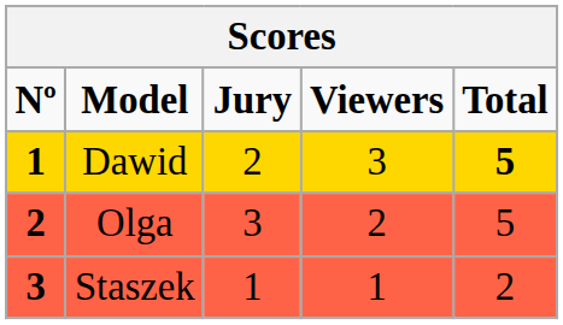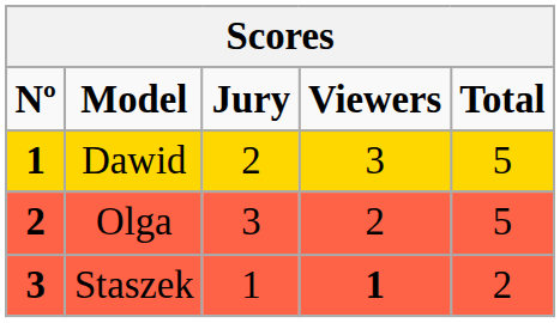 <table class="wikitable collapsible autocollapse" style="text-align:center;">
 <tr>
 <th colspan="6">Scores</th>
 </tr>
 <tr>
 <td><strong>Nº</strong></td>
 <td><strong>Model</strong></td>
 <td><strong>Jury</strong></td>
 <td><strong>Viewers</strong></td>
 <td><strong>Total</strong></td>
 </tr>
 <tr>
 <td style="background:gold"><strong>1</strong></td>
 <td style="background:gold">Dawid</td>
 <td style="background:gold">2</td>
 <td style="background:gold">3</td>
-<td style="background:gold"><strong>5</strong></td>
+<td style="background:gold">5</td>
 </tr>
 <tr>
 <td style="background:tomato"><strong>2</strong></td>
 <td style="background:tomato">Olga</td>
 <td style="background:tomato">3</td>
 <td style="background:tomato">2</td>
 <td style="background:tomato">5</td>
 </tr>
 <tr>
 <td style="background:tomato"><strong>3</strong></td>
 <td style="background:tomato">Staszek</td>
 <td style="background:tomato">1</td>
-<td style="background:tomato">1</td>
+<td style="background:tomato"><strong>1</strong></td>
 <td style="background:tomato">2</td>
 </tr>
 </table>
